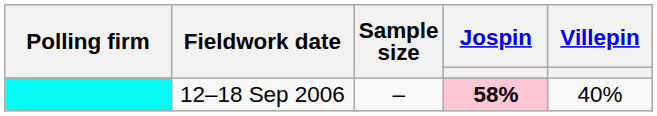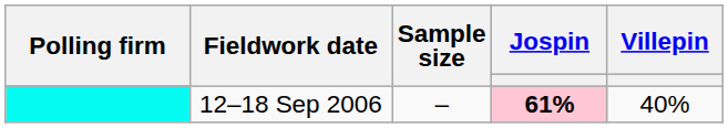 <table class="wikitable sortable" style="text-align:center;font-size:90%;line-height:14px;">
 <tr style="height:40px;">
 <th style="width:100px;" rowspan="2">Polling firm</th>
 <th style="width:110px;" rowspan="2">Fieldwork date</th>
 <th style="width:35px;" rowspan="2">Sample<br>size</th>
 <th class="unsortable" style="width:60px;"><a href='#'>Jospin</a><br></th>
 <th class="unsortable" style="width:60px;"><a href='#'>Villepin</a><br></th>
 </tr>
 <tr>
 <th style="background:"></th>
 <th style="background:"></th>
 </tr>
 <tr>
 <td style="background:#04FBF4;"></td>
 <td data-sort-value="2006-09-18">12–18 Sep 2006</td>
 <td>–</td>
-<td style="background:#FFC6D5;"><strong>58%</strong></td>
+<td style="background:#FFC6D5;"><strong>61%</strong></td>
 <td>40%</td>
 </tr>
 </table>
